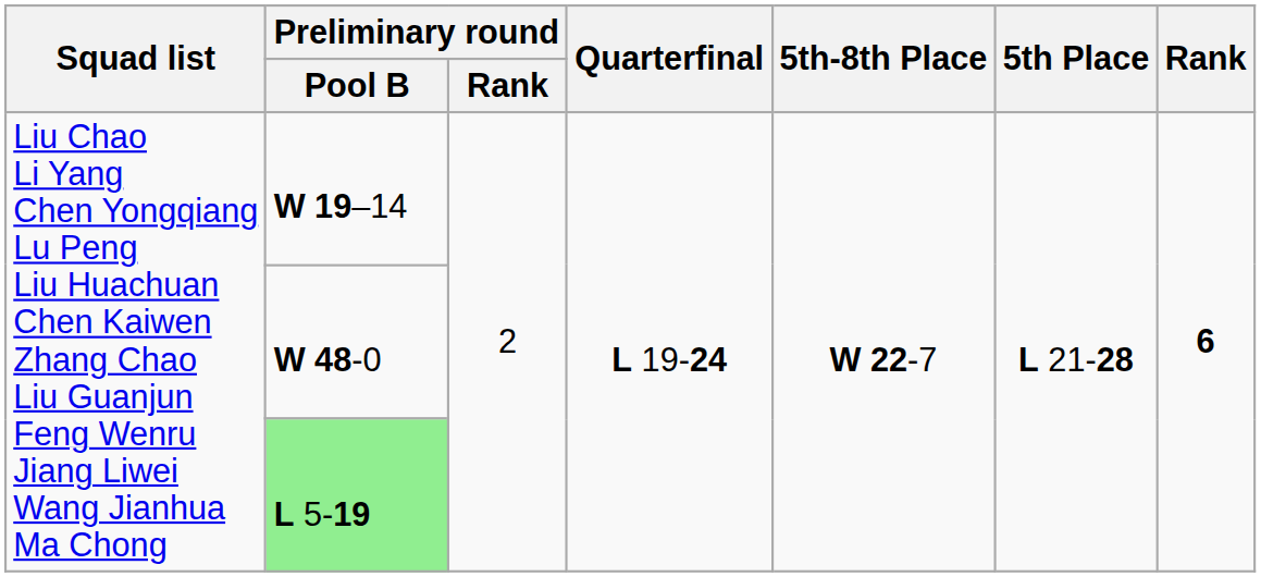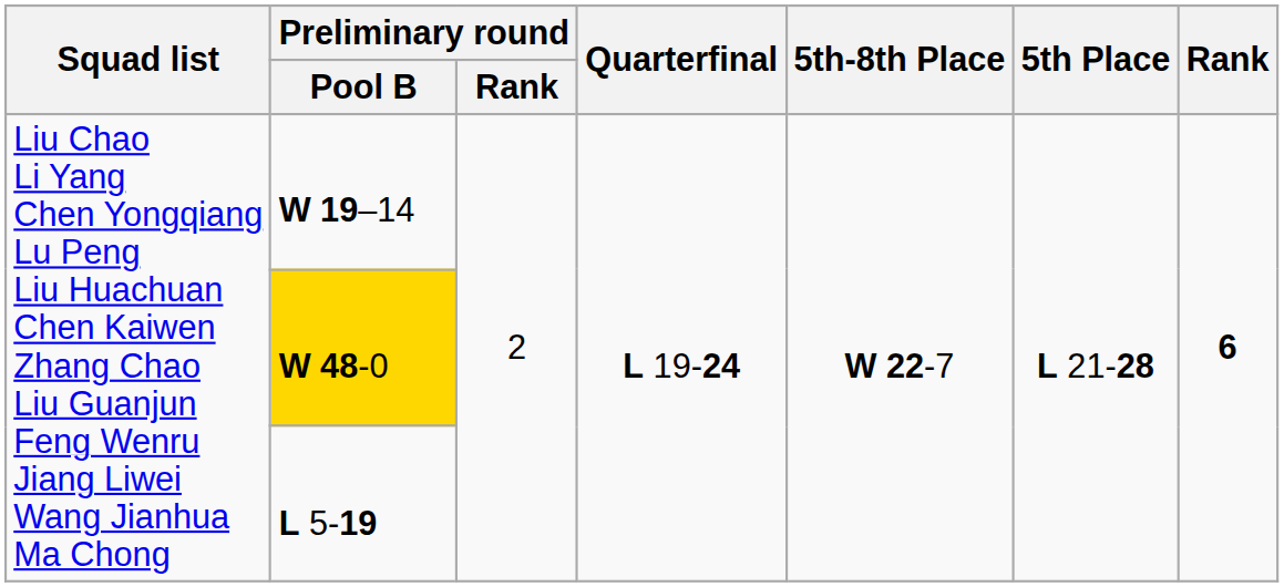 <table class="wikitable" style="text-align:left; font-size:90%">
 <tr>
 <th rowspan="2">Squad list</th>
 <th colspan="2">Preliminary round</th>
 <th rowspan="2">Quarterfinal</th>
 <th rowspan="2">5th-8th Place</th>
 <th rowspan="2">5th Place</th>
 <th rowspan="2">Rank</th>
 </tr>
 <tr>
 <th>Pool B</th>
 <th>Rank</th>
 </tr>
 <tr>
 <td rowspan=3><a href='#'>Liu Chao</a><br><a href='#'>Li Yang</a><br><a href='#'>Chen Yongqiang</a><br><a href='#'>Lu Peng</a><br><a href='#'>Liu Huachuan</a><br><a href='#'>Chen Kaiwen</a><br><a href='#'>Zhang Chao</a><br><a href='#'>Liu Guanjun</a><br><a href='#'>Feng Wenru</a><br><a href='#'>Jiang Liwei</a><br><a href='#'>Wang Jianhua</a><br><a href='#'>Ma Chong</a></td>
 <td><br><strong>W</strong> <strong>19</strong>–14</td>
 <td rowspan="3" style="text-align:center;">2 <strong></strong></td>
 <td rowspan="3" style="text-align:center;"><br><strong>L</strong> 19-<strong>24</strong></td>
 <td rowspan="3" style="text-align:center;"><br><strong>W</strong> <strong>22</strong>-7</td>
 <td rowspan="3" style="text-align:center;"><br><strong>L</strong> 21-<strong>28</strong></td>
 <td rowspan="3" style="text-align:center;"><strong>6</strong></td>
 </tr>
 <tr>
-<td><br><strong>W</strong> <strong>48</strong>-0</td>
+<td style="background: gold;"><br><strong>W</strong> <strong>48</strong>-0</td>
 </tr>
 <tr>
-<td style="background: lightgreen;"><br><strong>L</strong> 5-<strong>19</strong></td>
+<td><br><strong>L</strong> 5-<strong>19</strong></td>
 </tr>
 </table>
